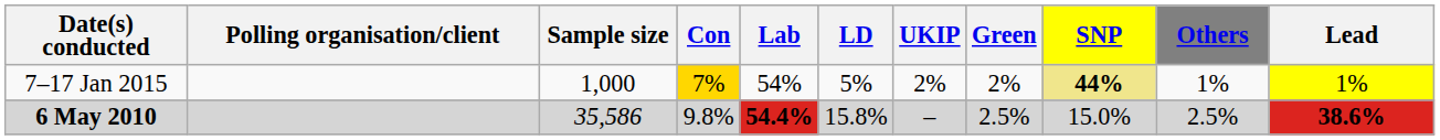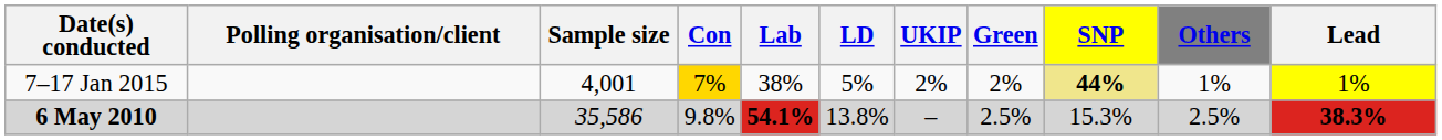 <table class="wikitable sortable" style="text-align:center;font-size:90%;line-height:14px">
 <tr>
 <th ! style="width:100px;">Date(s)<br>conducted</th>
 <th style="width:200px;">Polling organisation/client</th>
 <th class="unsortable" style="width:75px;">Sample size</th>
 <th class="unsortable" style="background:"><a href='#'><span>Con</span></a></th>
 <th class="unsortable" style="background:"><a href='#'><span>Lab</span></a></th>
 <th class="unsortable" style="background:"><a href='#'><span>LD</span></a></th>
 <th class="unsortable" style="background:"><a href='#'><span>UKIP</span></a></th>
 <th class="unsortable" style="background:"><a href='#'><span>Green</span></a></th>
 <th class="unsortable" style="background:#ffff00; width:60px;"><a href='#'><span>SNP</span></a></th>
 <th class="unsortable" style="background:gray; width:60px;"><a href='#'><span>Others</span></a></th>
 <th class="unsortable" style="width:90px;">Lead</th>
 </tr>
 <tr>
 <td>7–17 Jan 2015</td>
 <td> </td>
-<td>1,000</td>
+<td>4,001</td>
 <td style="background: gold;">7%</td>
-<td>54%</td>
+<td>38%</td>
 <td>5%</td>
 <td>2%</td>
 <td>2%</td>
 <td style="background:khaki"><strong>44%</strong></td>
 <td>1%</td>
 <td style="background:#ff0"><span>1% </span></td>
 </tr>
 <tr>
 <td style="background:#D5D5D5"><strong>6 May 2010</strong></td>
 <td style="background:#D5D5D5"></td>
 <td style="background:#D5D5D5"><em>35,586</em></td>
 <td style="background:#D5D5D5">9.8%</td>
-<td style="background:#dc241f"><span><strong>54.4%</strong></span></td>
-<td style="background:#D5D5D5">15.8%</td>
+<td style="background:#dc241f"><span><strong>54.1%</strong></span></td>
+<td style="background:#D5D5D5">13.8%</td>
 <td style="background:#D5D5D5">–</td>
 <td style="background:#D5D5D5">2.5%</td>
-<td style="background:#D5D5D5">15.0%</td>
+<td style="background:#D5D5D5">15.3%</td>
 <td style="background:#D5D5D5">2.5%</td>
-<td style="background:#dc241f"><span><strong>38.6% </strong></span></td>
+<td style="background:#dc241f"><span><strong>38.3% </strong></span></td>
 </tr>
 </table>
